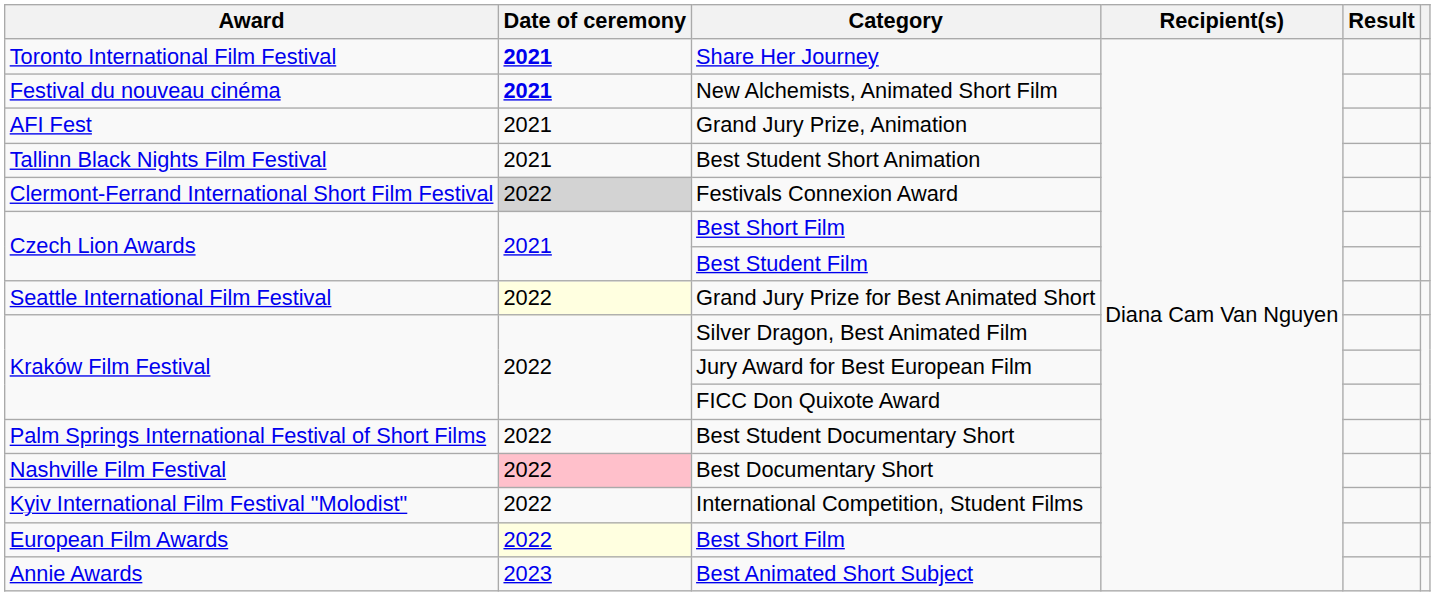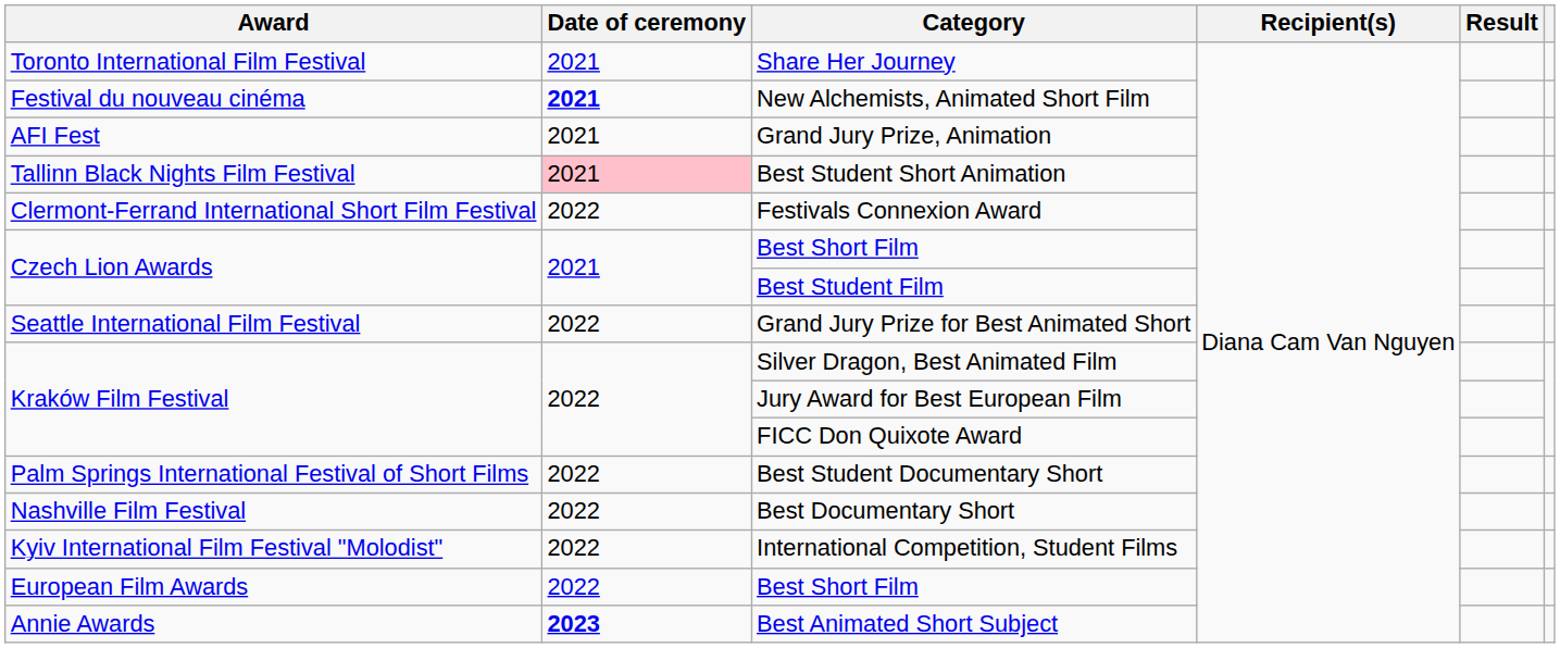 <table class="wikitable plainrowheaders sortable">
 <tr>
 <th scope="col">Award</th>
 <th scope="col">Date of ceremony</th>
 <th scope="col">Category</th>
 <th scope="col">Recipient(s)</th>
 <th scope="col">Result</th>
 <th scope="col" class="unsortable"></th>
 </tr>
 <tr>
 <td><a href='#'>Toronto International Film Festival</a></td>
-<td><strong><a href='#'>2021</a></strong></td>
+<td><a href='#'>2021</a></td>
 <td><a href='#'>Share Her Journey</a></td>
 <td rowspan=16>Diana Cam Van Nguyen</td>
 <td></td>
 <td></td>
 </tr>
 <tr>
 <td><a href='#'>Festival du nouveau cinéma</a></td>
 <td><strong><a href='#'>2021</a></strong></td>
 <td>New Alchemists, Animated Short Film</td>
 <td></td>
 <td></td>
 </tr>
 <tr>
 <td><a href='#'>AFI Fest</a></td>
 <td>2021</td>
 <td>Grand Jury Prize, Animation</td>
 <td></td>
 <td></td>
 </tr>
 <tr>
 <td><a href='#'>Tallinn Black Nights Film Festival</a></td>
-<td>2021</td>
+<td style="background: pink;">2021</td>
 <td>Best Student Short Animation</td>
 <td></td>
 <td></td>
 </tr>
 <tr>
 <td><a href='#'>Clermont-Ferrand International Short Film Festival</a></td>
-<td style="background: lightgrey;">2022</td>
+<td>2022</td>
 <td>Festivals Connexion Award</td>
 <td></td>
 <td></td>
 </tr>
 <tr>
 <td rowspan=2><a href='#'>Czech Lion Awards</a></td>
 <td rowspan=2><a href='#'>2021</a></td>
 <td><a href='#'>Best Short Film</a></td>
 <td></td>
 <td rowspan=2></td>
 </tr>
 <tr>
 <td><a href='#'>Best Student Film</a></td>
 <td></td>
 </tr>
 <tr>
 <td><a href='#'>Seattle International Film Festival</a></td>
-<td style="background: lightyellow;">2022</td>
+<td>2022</td>
 <td>Grand Jury Prize for Best Animated Short</td>
 <td></td>
 <td></td>
 </tr>
 <tr>
 <td rowspan=3><a href='#'>Kraków Film Festival</a></td>
 <td rowspan=3>2022</td>
 <td>Silver Dragon, Best Animated Film</td>
 <td></td>
 <td rowspan=3></td>
 </tr>
 <tr>
 <td>Jury Award for Best European Film</td>
 <td></td>
 </tr>
 <tr>
 <td>FICC Don Quixote Award</td>
 <td></td>
 </tr>
 <tr>
 <td><a href='#'>Palm Springs International Festival of Short Films</a></td>
 <td>2022</td>
 <td>Best Student Documentary Short</td>
 <td></td>
 <td></td>
 </tr>
 <tr>
 <td><a href='#'>Nashville Film Festival</a></td>
-<td style="background: pink;">2022</td>
+<td>2022</td>
 <td>Best Documentary Short</td>
 <td></td>
 <td></td>
 </tr>
 <tr>
 <td><a href='#'>Kyiv International Film Festival "Molodist"</a></td>
 <td>2022</td>
 <td>International Competition, Student Films</td>
 <td></td>
 <td></td>
 </tr>
 <tr>
 <td><a href='#'>European Film Awards</a></td>
-<td style="background: lightyellow;"><a href='#'>2022</a></td>
+<td><a href='#'>2022</a></td>
 <td><a href='#'>Best Short Film</a></td>
 <td></td>
 <td></td>
 </tr>
 <tr>
 <td><a href='#'>Annie Awards</a></td>
-<td><a href='#'>2023</a></td>
+<td><strong><a href='#'>2023</a></strong></td>
 <td><a href='#'>Best Animated Short Subject</a></td>
 <td></td>
 <td></td>
 </tr>
 </table>
